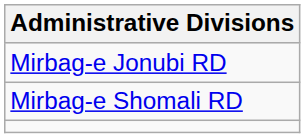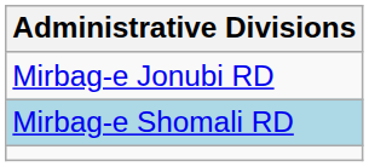 <table class="wikitable">
 <tr>
 <th>Administrative Divisions</th>
 </tr>
 <tr>
 <td><a href='#'>Mirbag-e Jonubi RD</a></td>
 </tr>
 <tr>
-<td><a href='#'>Mirbag-e Shomali RD</a></td>
+<td style="background: lightblue;"><a href='#'>Mirbag-e Shomali RD</a></td>
 </tr>
 <tr>
 <td colspan=1></td>
 </tr>
 </table>
